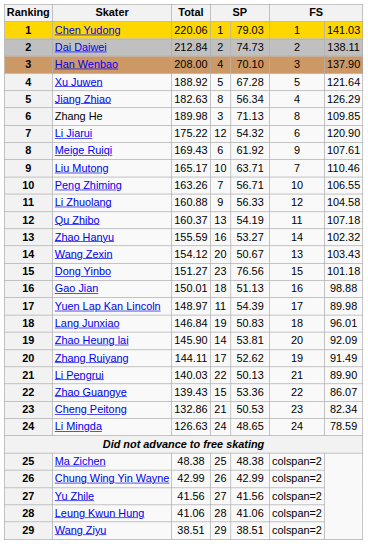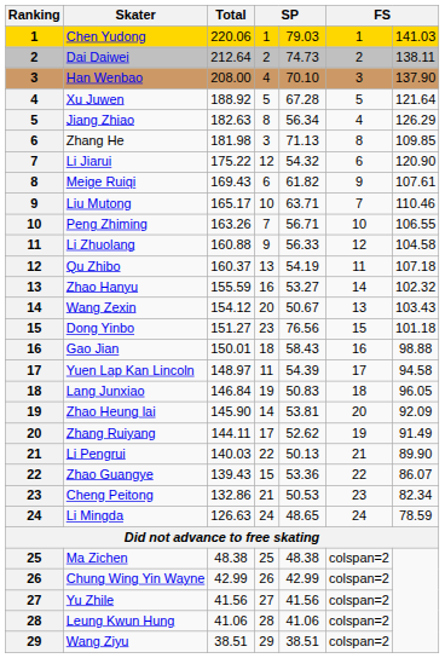 <table class="wikitable sortable">
 <tr>
 <th>Ranking</th>
 <th>Skater</th>
 <th>Total</th>
 <th colspan="2" width="80px">SP </th>
 <th colspan="2" width="80px">FS </th>
 </tr>
 <tr bgcolor="gold">
 <td align="center"><strong>1</strong></td>
 <td><a href='#'>Chen Yudong</a></td>
 <td align="center">220.06</td>
 <td align="center">1</td>
 <td align="center">79.03</td>
 <td align="center">1</td>
 <td align="center">141.03</td>
 </tr>
 <tr bgcolor="silver">
 <td align="center"><strong>2</strong></td>
 <td><a href='#'>Dai Daiwei</a></td>
-<td align="center">212.84</td>
+<td align="center">212.64</td>
 <td align="center">2</td>
 <td align="center">74.73</td>
 <td align="center">2</td>
 <td align="center">138.11</td>
 </tr>
 <tr bgcolor="cc9966">
 <td align="center"><strong>3</strong></td>
 <td><a href='#'>Han Wenbao</a></td>
 <td align="center">208.00</td>
 <td align="center">4</td>
 <td align="center">70.10</td>
 <td align="center">3</td>
 <td align="center">137.90</td>
 </tr>
 <tr>
 <th>4</th>
 <td><a href='#'>Xu Juwen</a></td>
 <td align="center">188.92</td>
 <td align="center">5</td>
 <td align="center">67.28</td>
 <td align="center">5</td>
 <td align="center">121.64</td>
 </tr>
 <tr>
 <th>5</th>
 <td><a href='#'>Jiang Zhiao</a></td>
 <td align="center">182.63</td>
 <td align="center">8</td>
 <td align="center">56.34</td>
 <td align="center">4</td>
 <td align="center">126.29</td>
 </tr>
 <tr>
 <th>6</th>
 <td>Zhang He</td>
-<td align="center">189.98</td>
+<td align="center">181.98</td>
 <td align="center">3</td>
 <td align="center">71.13</td>
 <td align="center">8</td>
 <td align="center">109.85</td>
 </tr>
 <tr>
 <th>7</th>
 <td><a href='#'>Li Jiarui</a></td>
 <td align="center">175.22</td>
 <td align="center">12</td>
 <td align="center">54.32</td>
 <td align="center">6</td>
 <td align="center">120.90</td>
 </tr>
 <tr>
 <th>8</th>
 <td><a href='#'>Meige Ruiqi</a></td>
 <td align="center">169.43</td>
 <td align="center">6</td>
-<td align="center">61.92</td>
+<td align="center">61.82</td>
 <td align="center">9</td>
 <td align="center">107.61</td>
 </tr>
 <tr>
 <th>9</th>
 <td><a href='#'>Liu Mutong</a></td>
 <td align="center">165.17</td>
 <td align="center">10</td>
 <td align="center">63.71</td>
 <td align="center">7</td>
 <td align="center">110.46</td>
 </tr>
 <tr>
 <th>10</th>
 <td><a href='#'>Peng Zhiming</a></td>
 <td align="center">163.26</td>
 <td align="center">7</td>
 <td align="center">56.71</td>
 <td align="center">10</td>
 <td align="center">106.55</td>
 </tr>
 <tr>
 <th>11</th>
 <td><a href='#'>Li Zhuolang</a></td>
 <td align="center">160.88</td>
 <td align="center">9</td>
 <td align="center">56.33</td>
 <td align="center">12</td>
 <td align="center">104.58</td>
 </tr>
 <tr>
 <th>12</th>
 <td><a href='#'>Qu Zhibo</a></td>
 <td align="center">160.37</td>
 <td align="center">13</td>
 <td align="center">54.19</td>
 <td align="center">11</td>
 <td align="center">107.18</td>
 </tr>
 <tr>
 <th>13</th>
 <td><a href='#'>Zhao Hanyu</a></td>
 <td align="center">155.59</td>
 <td align="center">16</td>
 <td align="center">53.27</td>
 <td align="center">14</td>
 <td align="center">102.32</td>
 </tr>
 <tr>
 <th>14</th>
 <td><a href='#'>Wang Zexin</a></td>
 <td align="center">154.12</td>
 <td align="center">20</td>
 <td align="center">50.67</td>
 <td align="center">13</td>
 <td align="center">103.43</td>
 </tr>
 <tr>
 <th>15</th>
 <td><a href='#'>Dong Yinbo</a></td>
 <td align="center">151.27</td>
 <td align="center">23</td>
 <td align="center">76.56</td>
 <td align="center">15</td>
 <td align="center">101.18</td>
 </tr>
 <tr>
 <th>16</th>
 <td><a href='#'>Gao Jian</a></td>
 <td align="center">150.01</td>
 <td align="center">18</td>
-<td align="center">51.13</td>
+<td align="center">58.43</td>
 <td align="center">16</td>
 <td align="center">98.88</td>
 </tr>
 <tr>
 <th>17</th>
 <td><a href='#'>Yuen Lap Kan Lincoln</a></td>
 <td align="center">148.97</td>
 <td align="center">11</td>
 <td align="center">54.39</td>
 <td align="center">17</td>
-<td align="center">89.98</td>
+<td align="center">94.58</td>
 </tr>
 <tr>
 <th>18</th>
 <td><a href='#'>Lang Junxiao</a></td>
 <td align="center">146.84</td>
 <td align="center">19</td>
 <td align="center">50.83</td>
 <td align="center">18</td>
-<td align="center">96.01</td>
+<td align="center">96.05</td>
 </tr>
 <tr>
 <th>19</th>
 <td><a href='#'>Zhao Heung lai</a></td>
 <td align="center">145.90</td>
 <td align="center">14</td>
 <td align="center">53.81</td>
 <td align="center">20</td>
 <td align="center">92.09</td>
 </tr>
 <tr>
 <th>20</th>
 <td><a href='#'>Zhang Ruiyang</a></td>
 <td align="center">144.11</td>
 <td align="center">17</td>
 <td align="center">52.62</td>
 <td align="center">19</td>
 <td align="center">91.49</td>
 </tr>
 <tr>
 <th>21</th>
 <td><a href='#'>Li Pengrui</a></td>
 <td align="center">140.03</td>
 <td align="center">22</td>
 <td align="center">50.13</td>
 <td align="center">21</td>
 <td align="center">89.90</td>
 </tr>
 <tr>
 <th>22</th>
 <td><a href='#'>Zhao Guangye</a></td>
 <td align="center">139.43</td>
 <td align="center">15</td>
 <td align="center">53.36</td>
 <td align="center">22</td>
 <td align="center">86.07</td>
 </tr>
 <tr>
 <th>23</th>
 <td><a href='#'>Cheng Peitong</a></td>
 <td align="center">132.86</td>
 <td align="center">21</td>
 <td align="center">50.53</td>
 <td align="center">23</td>
 <td align="center">82.34</td>
 </tr>
 <tr>
 <th>24</th>
 <td><a href='#'>Li Mingda</a></td>
 <td align="center">126.63</td>
 <td align="center">24</td>
 <td align="center">48.65</td>
 <td align="center">24</td>
 <td align="center">78.59</td>
 </tr>
 <tr>
 <th colspan="7"><em>Did not advance to free skating</em></th>
 </tr>
 <tr>
 <th>25</th>
 <td><a href='#'>Ma Zichen</a></td>
 <td align="center">48.38</td>
 <td align="center">25</td>
 <td align="center">48.38</td>
 <td>colspan=2 </td>
 </tr>
 <tr>
 <th>26</th>
 <td><a href='#'>Chung Wing Yin Wayne</a></td>
 <td align="center">42.99</td>
 <td align="center">26</td>
 <td align="center">42.99</td>
 <td>colspan=2 </td>
 </tr>
 <tr>
 <th>27</th>
 <td><a href='#'>Yu Zhile</a></td>
 <td align="center">41.56</td>
 <td align="center">27</td>
 <td align="center">41.56</td>
 <td>colspan=2 </td>
 </tr>
 <tr>
 <th>28</th>
 <td><a href='#'>Leung Kwun Hung </a></td>
 <td align="center">41.06</td>
 <td align="center">28</td>
 <td align="center">41.06</td>
 <td>colspan=2 </td>
 </tr>
 <tr>
 <th>29</th>
 <td><a href='#'>Wang Ziyu</a></td>
 <td align="center">38.51</td>
 <td align="center">29</td>
 <td align="center">38.51</td>
 <td>colspan=2 </td>
 </tr>
 </table>
